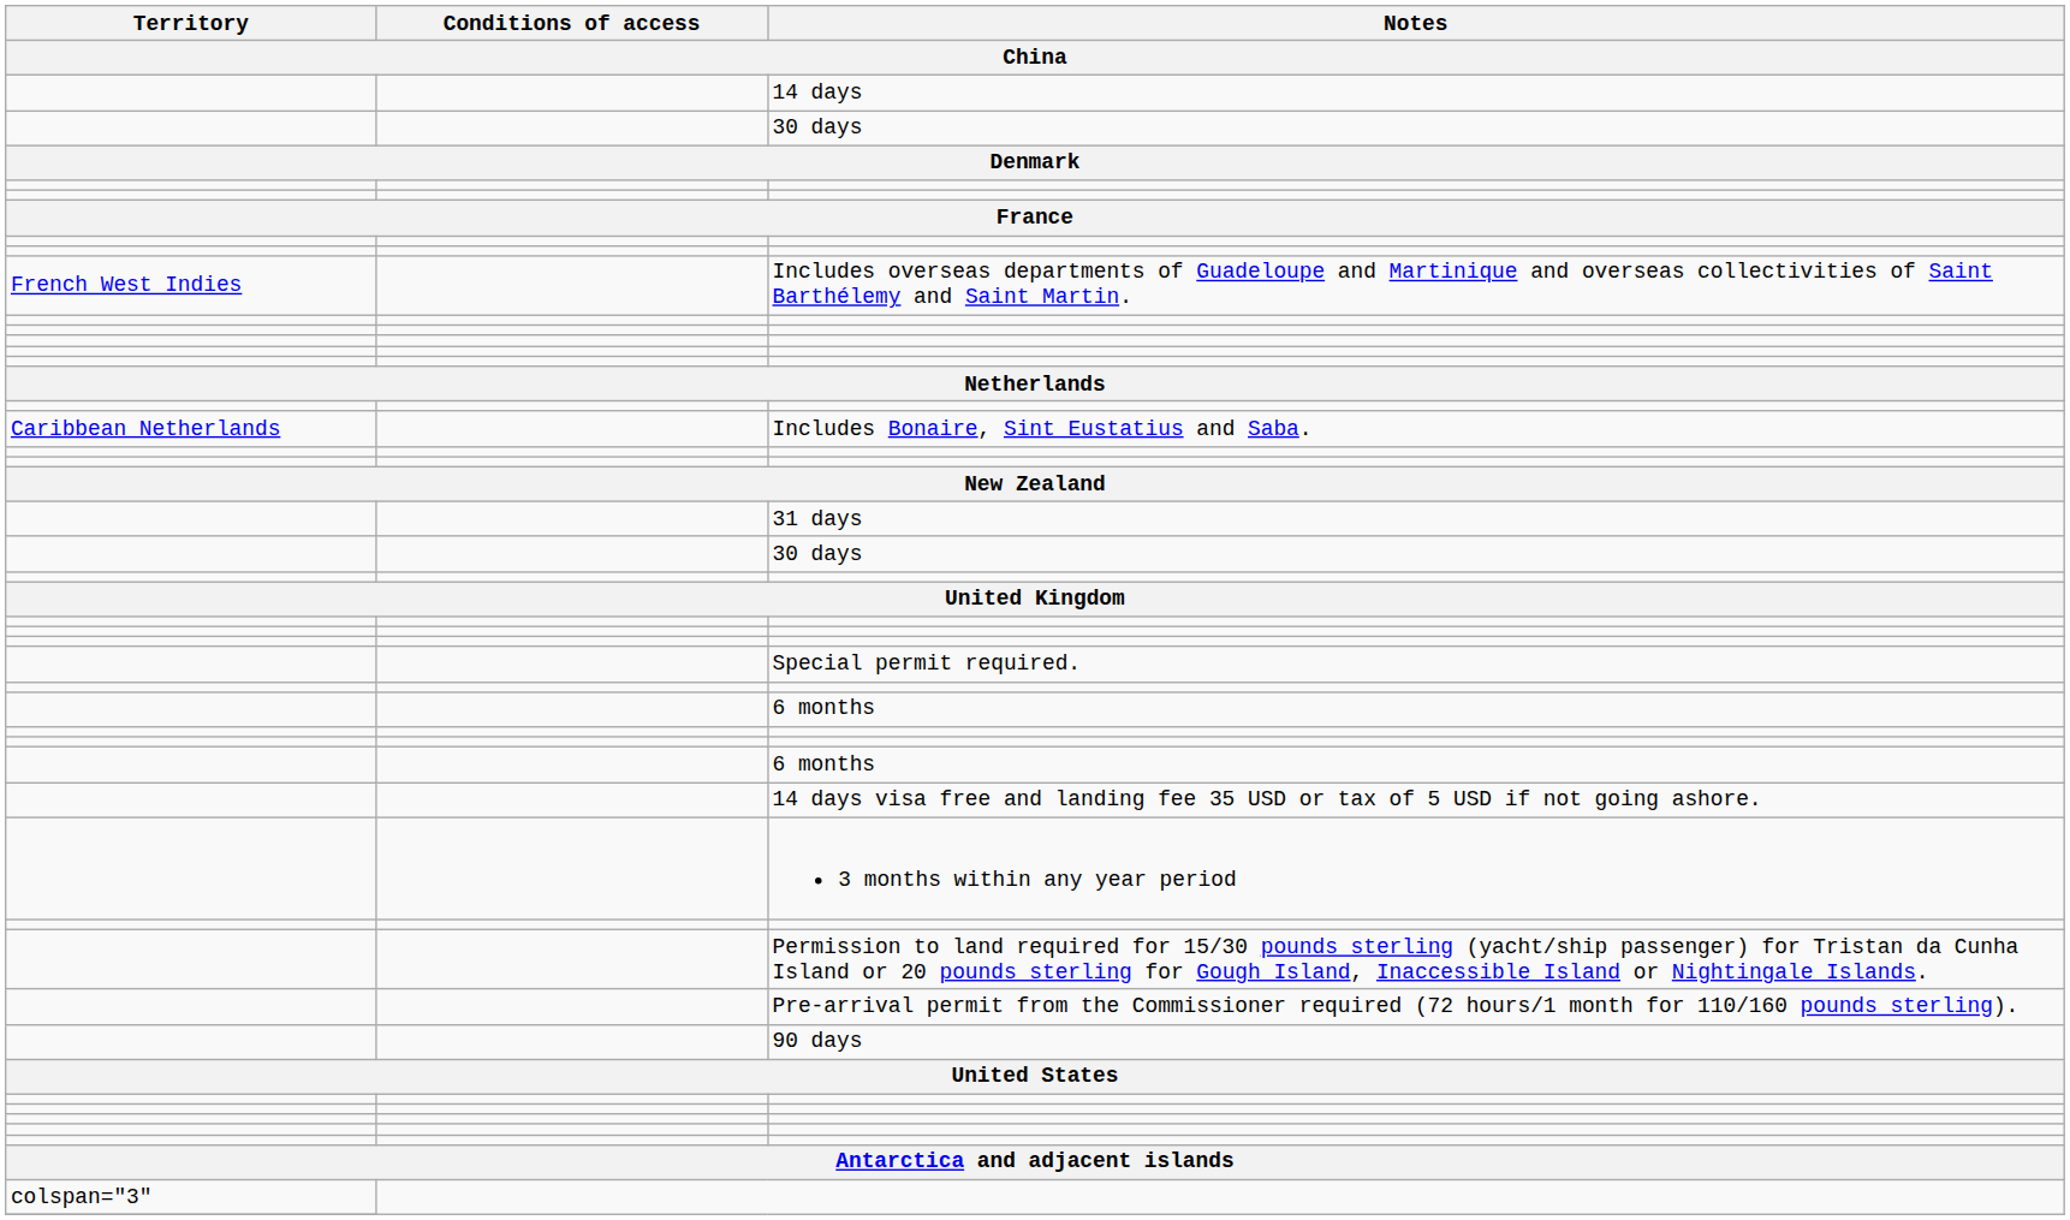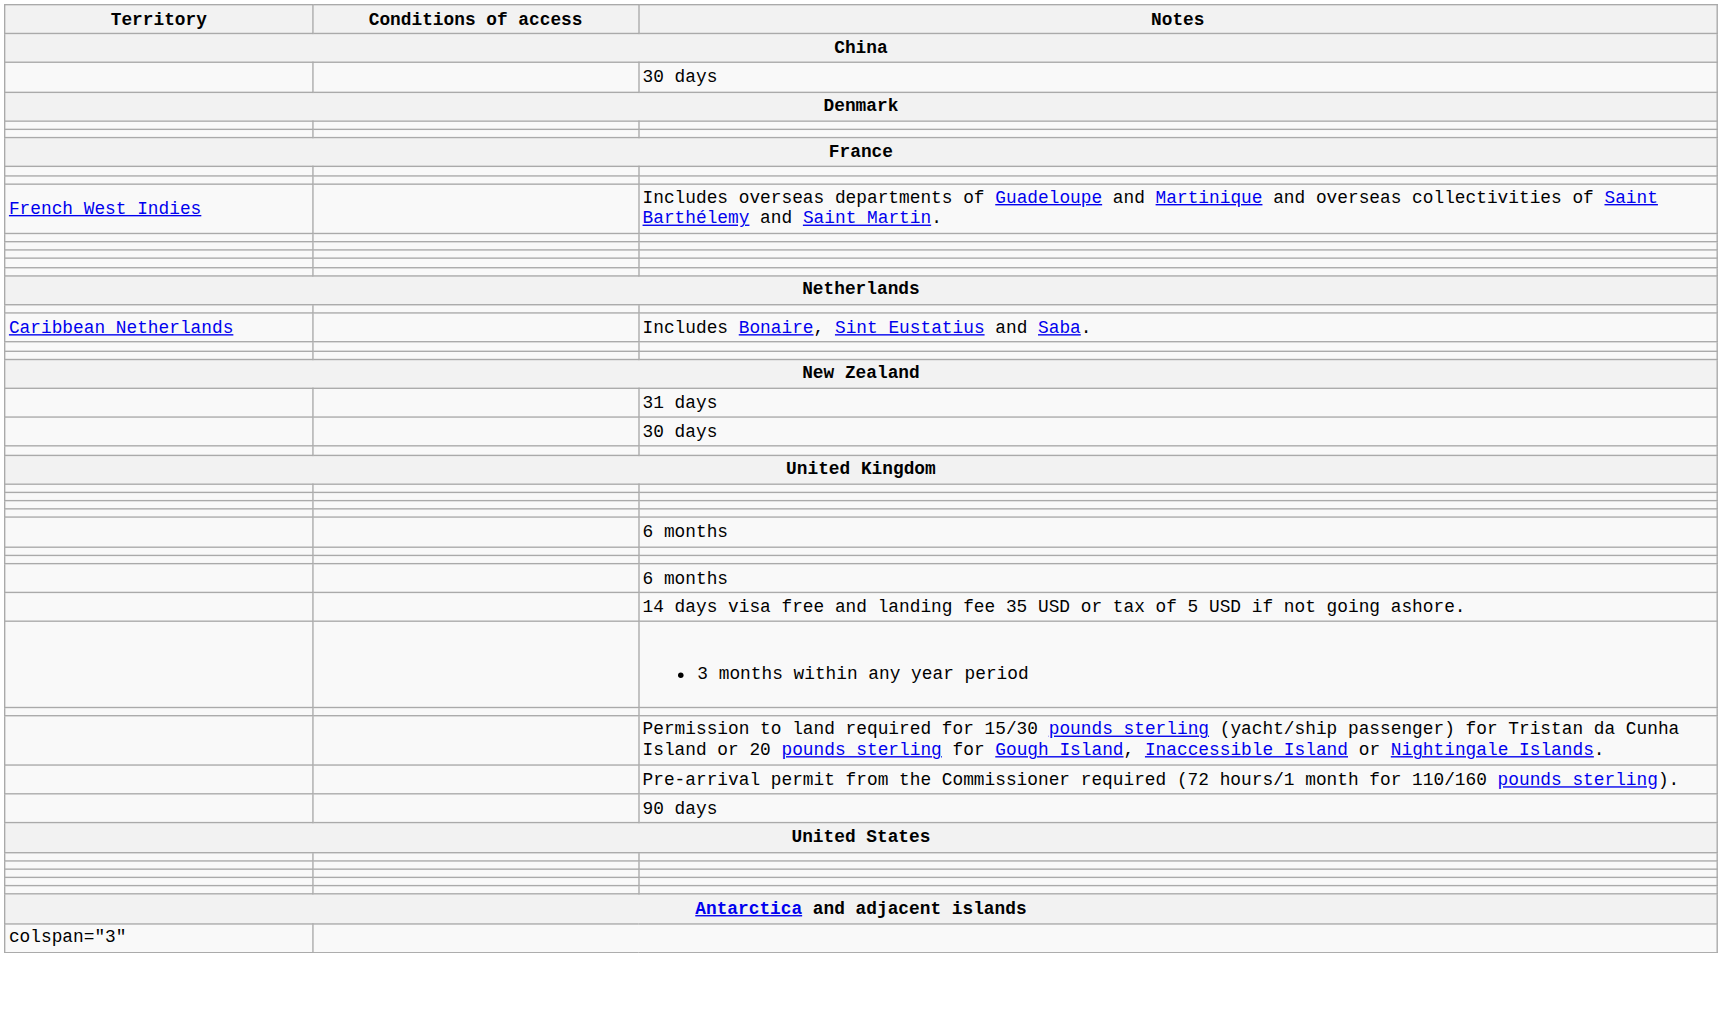 <table class="wikitable" style="text-align: left; table-layout: fixed;">
 <tr>
 <th width="18%">Territory</th>
 <th width="19%">Conditions of access</th>
 <th>Notes</th>
 </tr>
 <tr>
 <th colspan="3">China</th>
-</tr>
-<tr>
-<td></td>
-<td></td>
-<td>14 days</td>
 </tr>
 <tr>
 <td></td>
 <td></td>
 <td>30 days</td>
 </tr>
 <tr>
 <th colspan="3">Denmark</th>
 </tr>
 <tr>
 <td></td>
 <td></td>
 <td></td>
 </tr>
 <tr>
 <td></td>
 <td></td>
 <td></td>
 </tr>
 <tr>
 <th colspan="3">France</th>
 </tr>
 <tr>
 <td></td>
 <td></td>
 <td></td>
 </tr>
 <tr>
 <td></td>
 <td></td>
 <td></td>
 </tr>
 <tr>
 <td> <a href='#'>French West Indies</a></td>
 <td></td>
 <td>Includes overseas departments of <a href='#'>Guadeloupe</a> and <a href='#'>Martinique</a> and overseas collectivities of <a href='#'>Saint Barthélemy</a> and <a href='#'>Saint Martin</a>.</td>
 </tr>
 <tr>
 <td></td>
 <td></td>
 <td></td>
 </tr>
 <tr>
 <td></td>
 <td></td>
 <td></td>
 </tr>
 <tr>
 <td></td>
 <td></td>
 <td></td>
 </tr>
 <tr>
 <td></td>
 <td></td>
 <td></td>
 </tr>
 <tr>
 <td></td>
 <td></td>
 <td></td>
 </tr>
 <tr>
 <th colspan="3">Netherlands</th>
 </tr>
 <tr>
 <td></td>
 <td></td>
 <td></td>
 </tr>
 <tr>
 <td> <a href='#'>Caribbean Netherlands</a></td>
 <td></td>
 <td>Includes <a href='#'>Bonaire</a>, <a href='#'>Sint Eustatius</a> and <a href='#'>Saba</a>.</td>
 </tr>
 <tr>
 <td></td>
 <td></td>
 <td></td>
 </tr>
 <tr>
 <td></td>
 <td></td>
 <td></td>
 </tr>
 <tr>
 <th colspan="3">New Zealand</th>
 </tr>
 <tr>
 <td></td>
 <td></td>
 <td>31 days</td>
 </tr>
 <tr>
 <td></td>
 <td></td>
 <td>30 days</td>
 </tr>
 <tr>
 <td></td>
 <td></td>
 <td></td>
 </tr>
 <tr>
 <th colspan="3">United Kingdom</th>
 </tr>
 <tr>
 <td></td>
 <td></td>
 <td></td>
 </tr>
 <tr>
 <td></td>
 <td></td>
 <td></td>
 </tr>
 <tr>
 <td></td>
 <td></td>
 <td></td>
 </tr>
 <tr>
 <td></td>
 <td></td>
-<td>Special permit required.</td>
-</tr>
-<tr>
-<td></td>
-<td></td>
 <td></td>
 </tr>
 <tr>
 <td></td>
 <td></td>
 <td>6 months</td>
 </tr>
 <tr>
 <td></td>
 <td></td>
 <td></td>
 </tr>
 <tr>
 <td></td>
 <td></td>
 <td></td>
 </tr>
 <tr>
 <td></td>
 <td></td>
 <td>6 months</td>
 </tr>
 <tr>
 <td></td>
 <td></td>
 <td>14 days visa free and landing fee 35 USD or tax of 5 USD if not going ashore.</td>
 </tr>
 <tr>
 <td></td>
 <td></td>
 <td><br><ul><li>3 months within any year period</li></ul></td>
 </tr>
 <tr>
 <td></td>
 <td></td>
 <td></td>
 </tr>
 <tr>
 <td></td>
 <td></td>
 <td>Permission to land required for 15/30 <a href='#'>pounds sterling</a> (yacht/ship passenger) for Tristan da Cunha Island or 20 <a href='#'>pounds sterling</a> for <a href='#'>Gough Island</a>, <a href='#'>Inaccessible Island</a> or <a href='#'>Nightingale Islands</a>.</td>
 </tr>
 <tr>
 <td></td>
 <td></td>
 <td>Pre-arrival permit from the Commissioner required (72 hours/1 month for 110/160 <a href='#'>pounds sterling</a>).</td>
 </tr>
 <tr>
 <td></td>
 <td></td>
 <td>90 days</td>
 </tr>
 <tr>
 <th colspan="3">United States</th>
 </tr>
 <tr>
 <td></td>
 <td></td>
 <td></td>
 </tr>
 <tr>
 <td></td>
 <td></td>
 <td></td>
 </tr>
 <tr>
 <td></td>
 <td></td>
 <td></td>
 </tr>
 <tr>
 <td></td>
 <td></td>
 <td></td>
 </tr>
 <tr>
 <td></td>
 <td></td>
 <td></td>
 </tr>
 <tr>
 <th colspan="3"><a href='#'>Antarctica</a> and adjacent islands</th>
 </tr>
 <tr>
 <td>colspan="3" </td>
 </tr>
 <tr>
 </tr>
 </table>
